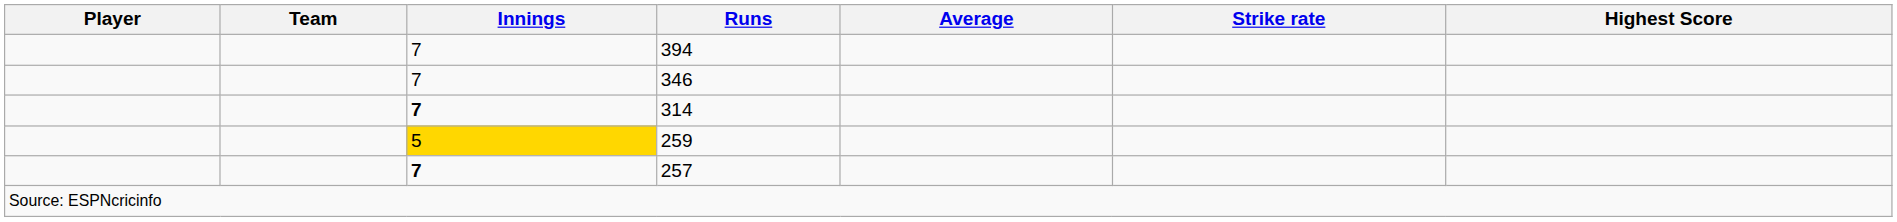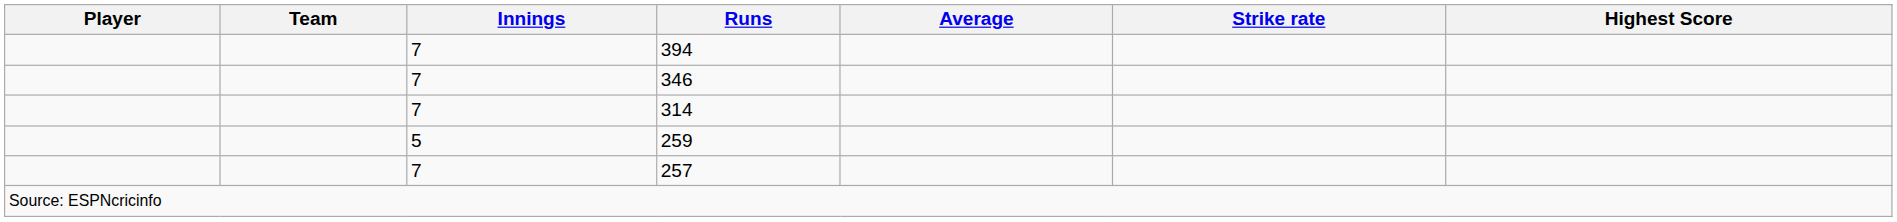 <table class="wikitable sortable" style="width:80%;">
 <tr>
 <th>Player</th>
 <th>Team</th>
 <th><a href='#'>Innings</a></th>
 <th><a href='#'>Runs</a></th>
 <th><a href='#'>Average</a></th>
 <th><a href='#'>Strike rate</a></th>
 <th>Highest Score</th>
 </tr>
 <tr>
 <td></td>
 <td></td>
 <td>7</td>
 <td>394</td>
 <td></td>
 <td></td>
 <td></td>
 </tr>
 <tr>
 <td></td>
 <td></td>
 <td>7</td>
 <td>346</td>
 <td></td>
 <td></td>
 <td></td>
 </tr>
 <tr>
 <td></td>
 <td></td>
-<td><strong>7</strong></td>
+<td>7</td>
 <td>314</td>
 <td></td>
 <td></td>
 <td></td>
 </tr>
 <tr>
 <td></td>
 <td></td>
-<td style="background: gold;">5</td>
+<td>5</td>
 <td>259</td>
 <td></td>
 <td></td>
 <td></td>
 </tr>
 <tr>
 <td></td>
 <td></td>
-<td><strong>7</strong></td>
+<td>7</td>
 <td>257</td>
 <td></td>
 <td></td>
 <td></td>
 </tr>
 <tr>
 <td colspan="8" class=unsortable><small> Source: ESPNcricinfo</small></td>
 </tr>
 </table>
